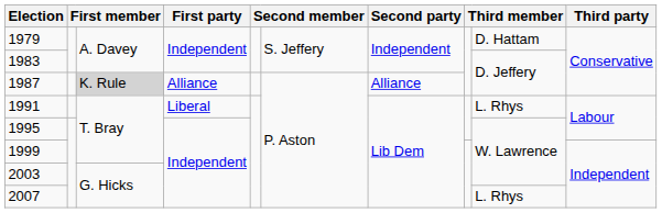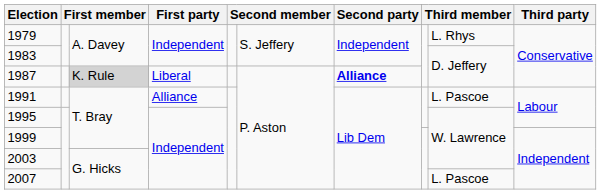 <table class="wikitable">
 <tr>
 <th>Election</th>
 <th colspan="2">First member</th>
 <th>First party</th>
 <th colspan="2">Second member</th>
 <th>Second party</th>
 <th colspan="2">Third member</th>
 <th>Third party</th>
 </tr>
 <tr>
 <td>1979</td>
 <td rowspan="2" style="background-color: "></td>
 <td rowspan="2">A. Davey</td>
 <td rowspan="2"><a href='#'>Independent</a></td>
 <td rowspan="2" style="background-color: "></td>
 <td rowspan="2">S. Jeffery</td>
 <td rowspan="2"><a href='#'>Independent</a></td>
 <td rowspan="3" style="background-color: "></td>
-<td rowspan="1">D. Hattam</td>
+<td rowspan="1">L. Rhys</td>
 <td rowspan="3"><a href='#'>Conservative</a></td>
 </tr>
 <tr>
 <td>1983</td>
 <td rowspan="2">D. Jeffery</td>
 </tr>
 <tr>
 <td>1987</td>
 <td rowspan="1" style="background-color: "></td>
 <td rowspan="1" style="background: lightgrey;">K. Rule</td>
-<td rowspan="1"><a href='#'>Alliance</a></td>
+<td rowspan="1"><a href='#'>Liberal</a></td>
 <td rowspan="1" style="background-color: "></td>
 <td rowspan="6">P. Aston</td>
-<td rowspan="1"><a href='#'>Alliance</a></td>
+<td rowspan="1"><strong><a href='#'>Alliance</a></strong></td>
 </tr>
 <tr>
 <td>1991</td>
 <td rowspan="1" style="background-color: "></td>
 <td rowspan="3">T. Bray</td>
-<td rowspan="1"><a href='#'>Liberal</a></td>
+<td rowspan="1"><a href='#'>Alliance</a></td>
 <td rowspan="5" style="background-color: "></td>
 <td rowspan="5"><a href='#'>Lib Dem</a></td>
 <td rowspan="2" style="background-color: "></td>
-<td rowspan="1">L. Rhys</td>
+<td>L. Pascoe</td>
 <td rowspan="2"><a href='#'>Labour</a></td>
 </tr>
 <tr>
 <td>1995</td>
 <td rowspan="4" style="background-color: "></td>
 <td rowspan="4"><a href='#'>Independent</a></td>
 <td rowspan="3">W. Lawrence</td>
 </tr>
 <tr>
 <td>1999</td>
 <td rowspan="3" style="background-color: "></td>
 <td rowspan="3"><a href='#'>Independent</a></td>
 </tr>
 <tr>
 <td>2003</td>
 <td rowspan="2">G. Hicks</td>
 </tr>
 <tr>
 <td>2007</td>
-<td rowspan="1">L. Rhys</td>
+<td>L. Pascoe</td>
 </tr>
 </table>
